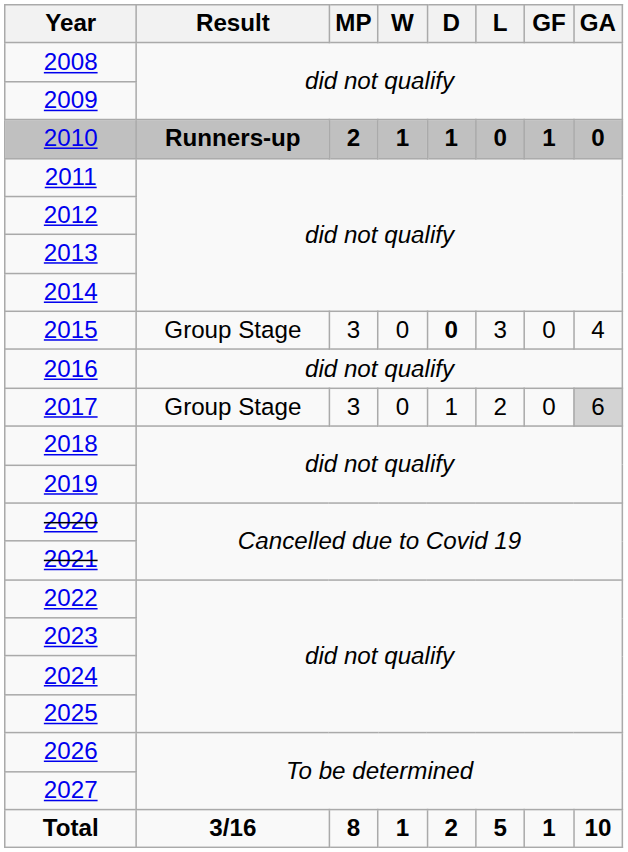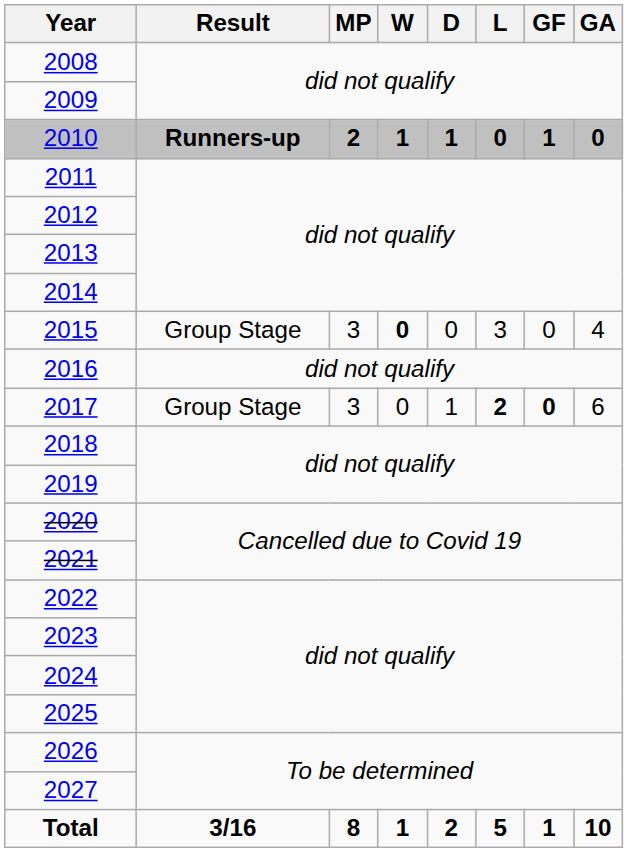 <table class="wikitable" style="text-align: center;">
 <tr>
 <th width=80>Year</th>
 <th width=120>Result</th>
 <th width=25>MP</th>
 <th width=25>W</th>
 <th width=25>D</th>
 <th width=25>L</th>
 <th width=25>GF</th>
 <th width=25>GA</th>
 </tr>
 <tr>
 <td> <a href='#'>2008</a></td>
 <td rowspan=2 colspan=8><em>did not qualify</em></td>
 </tr>
 <tr>
 <td> <a href='#'>2009</a></td>
 </tr>
 <tr style="background:silver;">
 <td> <a href='#'>2010</a></td>
 <td><strong>Runners-up</strong></td>
 <td><strong>2</strong></td>
 <td><strong>1</strong></td>
 <td><strong>1</strong></td>
 <td><strong>0</strong></td>
 <td><strong>1</strong></td>
 <td><strong>0</strong></td>
 </tr>
 <tr>
 <td> <a href='#'>2011</a></td>
 <td rowspan=4 colspan=8><em>did not qualify</em></td>
 </tr>
 <tr>
 <td> <a href='#'>2012</a></td>
 </tr>
 <tr>
 <td> <a href='#'>2013</a></td>
 </tr>
 <tr>
 <td> <a href='#'>2014</a></td>
 </tr>
 <tr>
 <td> <a href='#'>2015</a></td>
 <td>Group Stage</td>
 <td>3</td>
+<td><strong>0</strong></td>
 <td>0</td>
-<td><strong>0</strong></td>
 <td>3</td>
 <td>0</td>
 <td>4</td>
 </tr>
 <tr>
 <td> <a href='#'>2016</a></td>
 <td rowspan=1 colspan=8><em>did not qualify</em></td>
 </tr>
 <tr>
 <td> <a href='#'>2017</a></td>
 <td>Group Stage</td>
 <td>3</td>
 <td>0</td>
 <td>1</td>
-<td>2</td>
-<td>0</td>
-<td style="background: lightgrey;">6</td>
+<td><strong>2</strong></td>
+<td><strong>0</strong></td>
+<td>6</td>
 </tr>
 <tr>
 <td> <a href='#'>2018</a></td>
 <td rowspan=2 colspan=8><em>did not qualify</em></td>
 </tr>
 <tr>
 <td> <a href='#'>2019</a></td>
 </tr>
 <tr>
 <td> <s><a href='#'>2020</a></s></td>
 <td rowspan=2 colspan=8><em>Cancelled due to Covid 19</em></td>
 </tr>
 <tr>
 <td> <s><a href='#'>2021</a></s></td>
 </tr>
 <tr>
 <td> <a href='#'>2022</a></td>
 <td rowspan=4 colspan=8><em>did not qualify</em></td>
 </tr>
 <tr>
 <td> <a href='#'>2023</a></td>
 </tr>
 <tr>
 <td> <a href='#'>2024</a></td>
 </tr>
 <tr>
 <td> <a href='#'>2025</a></td>
 </tr>
 <tr>
 <td> <a href='#'>2026</a></td>
 <td colspan=8 rowspan=2><em>To be determined</em></td>
 </tr>
 <tr>
 <td> <a href='#'>2027</a></td>
 </tr>
 <tr>
 <td><strong>Total</strong></td>
 <td><strong>3/16</strong></td>
 <td><strong>8</strong></td>
 <td><strong>1</strong></td>
 <td><strong>2</strong></td>
 <td><strong>5</strong></td>
 <td><strong>1</strong></td>
 <td><strong>10</strong></td>
 </tr>
 </table>
